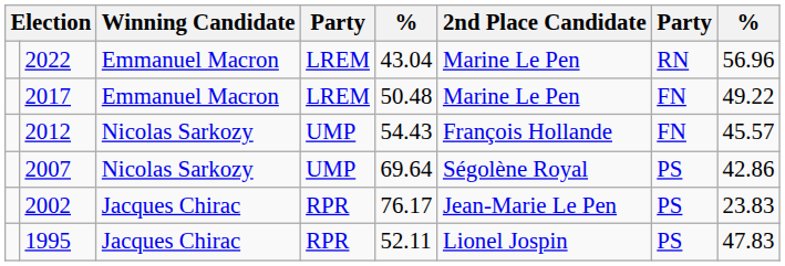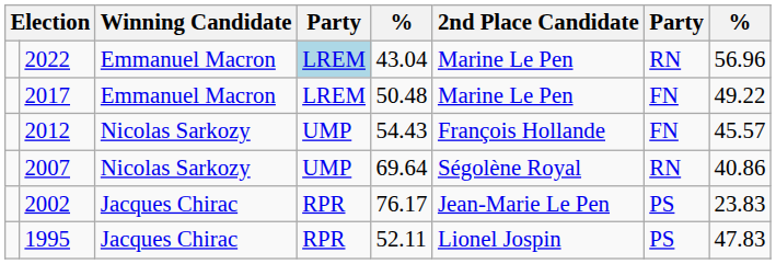 <table class="wikitable">
 <tr>
 <th colspan="2">Election</th>
 <th>Winning Candidate</th>
 <th>Party</th>
 <th>%</th>
 <th>2nd Place Candidate</th>
 <th>Party</th>
 <th>%</th>
 </tr>
 <tr>
 <td style="background:"></td>
 <td><a href='#'>2022</a></td>
 <td><a href='#'>Emmanuel Macron</a></td>
-<td><a href='#'>LREM</a></td>
+<td style="background: lightblue;"><a href='#'>LREM</a></td>
 <td>43.04</td>
 <td><a href='#'>Marine Le Pen</a></td>
 <td><a href='#'>RN</a></td>
 <td>56.96</td>
 </tr>
 <tr>
 <td style="background-color: "></td>
 <td><a href='#'>2017</a></td>
 <td><a href='#'>Emmanuel Macron</a></td>
 <td><a href='#'>LREM</a></td>
 <td>50.48</td>
 <td><a href='#'>Marine Le Pen</a></td>
 <td><a href='#'>FN</a></td>
 <td>49.22</td>
 </tr>
 <tr>
 <td style="background-color: "></td>
 <td><a href='#'>2012</a></td>
 <td><a href='#'>Nicolas Sarkozy</a></td>
 <td><a href='#'>UMP</a></td>
 <td>54.43</td>
 <td><a href='#'>François Hollande</a></td>
 <td><a href='#'>FN</a></td>
 <td>45.57</td>
 </tr>
 <tr>
 <td style="background-color: "></td>
 <td><a href='#'>2007</a></td>
 <td><a href='#'>Nicolas Sarkozy</a></td>
 <td><a href='#'>UMP</a></td>
 <td>69.64</td>
 <td><a href='#'>Ségolène Royal</a></td>
-<td><a href='#'>PS</a></td>
-<td>42.86</td>
+<td><a href='#'>RN</a></td>
+<td>40.86</td>
 </tr>
 <tr>
 <td style="background-color: "></td>
 <td><a href='#'>2002</a></td>
 <td><a href='#'>Jacques Chirac</a></td>
 <td><a href='#'>RPR</a></td>
 <td>76.17</td>
 <td><a href='#'>Jean-Marie Le Pen</a></td>
 <td><a href='#'>PS</a></td>
 <td>23.83</td>
 </tr>
 <tr>
 <td style="background-color: "></td>
 <td><a href='#'>1995</a></td>
 <td><a href='#'>Jacques Chirac</a></td>
 <td><a href='#'>RPR</a></td>
 <td>52.11</td>
 <td><a href='#'>Lionel Jospin</a></td>
 <td><a href='#'>PS</a></td>
 <td>47.83</td>
 </tr>
 </table>
